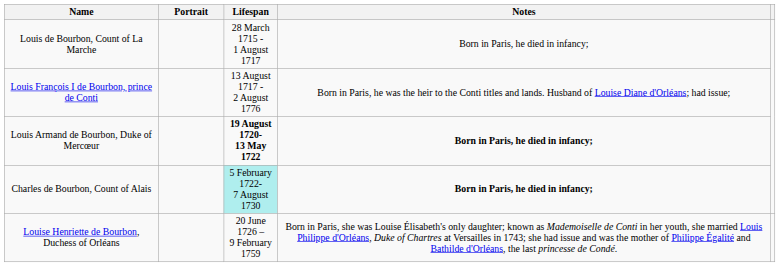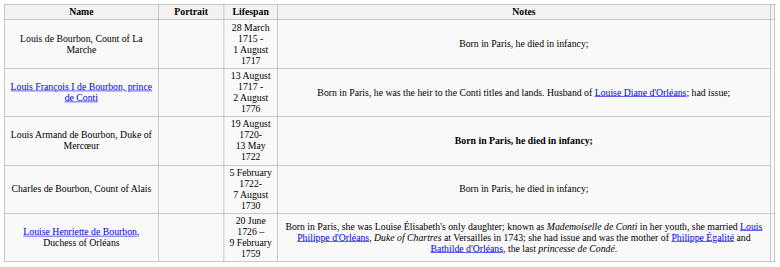 <table style="text-align:center; width:100%" class="wikitable">
 <tr>
 <th width=20%>Name</th>
 <th width=100px>Portrait</th>
 <th>Lifespan</th>
 <th>Notes</th>
 <th></th>
 </tr>
 <tr>
 <td>Louis de Bourbon, Count of La Marche</td>
 <td></td>
 <td>28 March 1715 -<br> 1 August 1717</td>
 <td>Born in Paris, he died in infancy;</td>
 </tr>
 <tr>
 <td><a href='#'>Louis François I de Bourbon, prince de Conti</a></td>
 <td></td>
 <td>13 August 1717 -<br> 2 August 1776</td>
 <td>Born in Paris, he was the heir to the Conti titles and lands. Husband of <a href='#'>Louise Diane d'Orléans</a>; had issue;</td>
 </tr>
 <tr>
 <td>Louis Armand de Bourbon, Duke of Mercœur</td>
 <td></td>
-<td><strong>19 August 1720-<br>13 May 1722</strong></td>
+<td>19 August 1720-<br>13 May 1722</td>
 <td><strong>Born in Paris, he died in infancy;</strong></td>
 </tr>
 <tr>
 <td>Charles de Bourbon, Count of Alais</td>
 <td></td>
-<td style="background: paleturquoise;">5 February 1722-<br>7 August 1730</td>
-<td><strong>Born in Paris, he died in infancy;</strong></td>
+<td>5 February 1722-<br>7 August 1730</td>
+<td>Born in Paris, he died in infancy;</td>
 </tr>
 <tr>
 <td><a href='#'>Louise Henriette de Bourbon</a>, Duchess of Orléans</td>
 <td></td>
 <td>20 June 1726 –<br>9 February 1759</td>
 <td>Born in Paris, she was Louise Élisabeth's only daughter; known as <em>Mademoiselle de Conti</em> in her youth, she married <a href='#'>Louis Philippe d'Orléans</a>, <em>Duke of Chartres</em> at Versailles in 1743; she had issue and was the mother of <a href='#'>Philippe Égalité</a> and <a href='#'>Bathilde d'Orléans</a>, the last <em>princesse de Condé</em>.</td>
 <td></td>
 </tr>
 </table>
